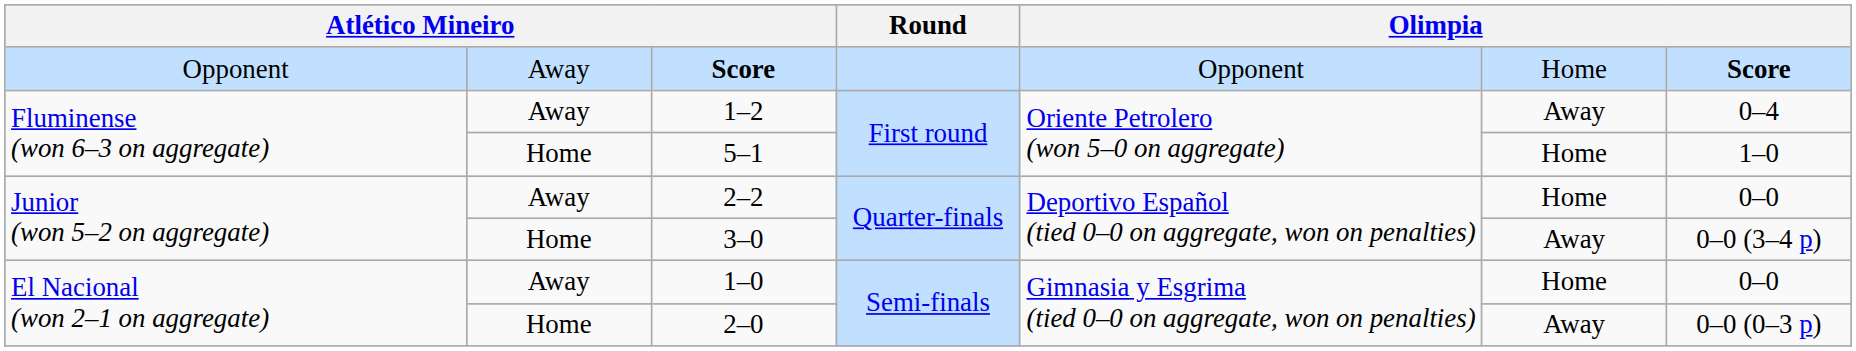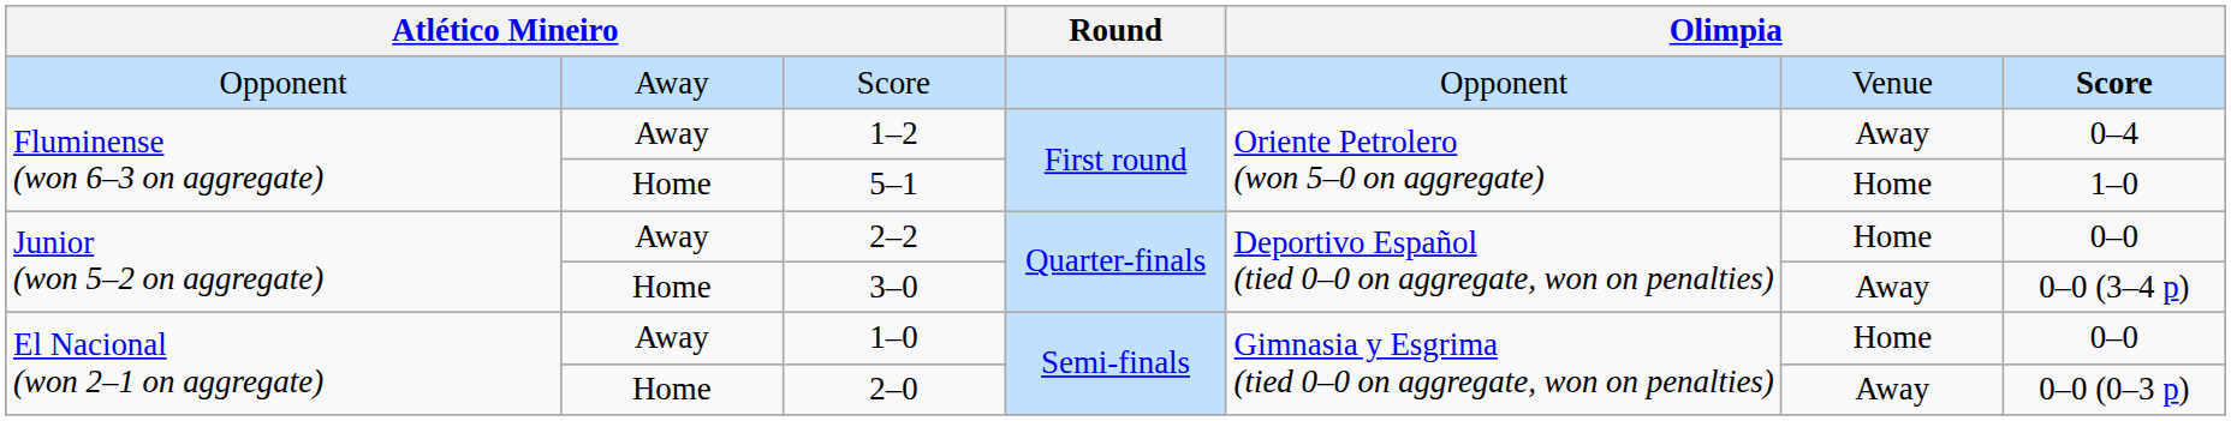 <table class="wikitable" style="text-align: center;">
 <tr>
 <th colspan=3> <a href='#'>Atlético Mineiro</a></th>
 <th>Round</th>
 <th colspan=3> <a href='#'>Olimpia</a></th>
 </tr>
 <tr bgcolor=#c1e0ff>
 <td width=25%>Opponent</td>
 <td>Away</td>
-<td width=10%><strong>Score</strong></td>
+<td width=10%>Score</td>
 <td width=10%></td>
 <td width=25%>Opponent</td>
-<td>Home</td>
+<td width=10%>Venue</td>
 <td width=10%><strong>Score</strong></td>
 </tr>
 <tr>
 <td rowspan=2 align=left> <a href='#'>Fluminense</a><br><em>(won 6–3 on aggregate)</em></td>
 <td>Away</td>
 <td>1–2</td>
 <td rowspan=2 bgcolor=#c1e0ff><a href='#'>First round</a></td>
 <td rowspan=2 align=left> <a href='#'>Oriente Petrolero</a><br><em>(won 5–0 on aggregate)</em></td>
 <td>Away</td>
 <td>0–4</td>
 </tr>
 <tr>
 <td>Home</td>
 <td>5–1</td>
 <td>Home</td>
 <td>1–0</td>
 </tr>
 <tr>
 <td rowspan=2 align=left> <a href='#'>Junior</a><br><em>(won 5–2 on aggregate)</em></td>
 <td>Away</td>
 <td>2–2</td>
 <td rowspan=2 bgcolor=#c1e0ff><a href='#'>Quarter-finals</a></td>
 <td rowspan=2 align=left> <a href='#'>Deportivo Español</a><br><em>(tied 0–0 on aggregate, won on penalties)</em></td>
 <td>Home</td>
 <td>0–0</td>
 </tr>
 <tr>
 <td>Home</td>
 <td>3–0</td>
 <td>Away</td>
 <td>0–0 (3–4 <a href='#'>p</a>)</td>
 </tr>
 <tr>
 <td rowspan=2 align=left> <a href='#'>El Nacional</a><br><em>(won 2–1 on aggregate)</em></td>
 <td>Away</td>
 <td>1–0</td>
 <td rowspan=2 bgcolor=#c1e0ff><a href='#'>Semi-finals</a></td>
 <td rowspan=2 align=left> <a href='#'>Gimnasia y Esgrima</a><br><em>(tied 0–0 on aggregate, won on penalties)</em></td>
 <td>Home</td>
 <td>0–0</td>
 </tr>
 <tr>
 <td>Home</td>
 <td>2–0</td>
 <td>Away</td>
 <td>0–0 (0–3 <a href='#'>p</a>)</td>
 </tr>
 </table>
